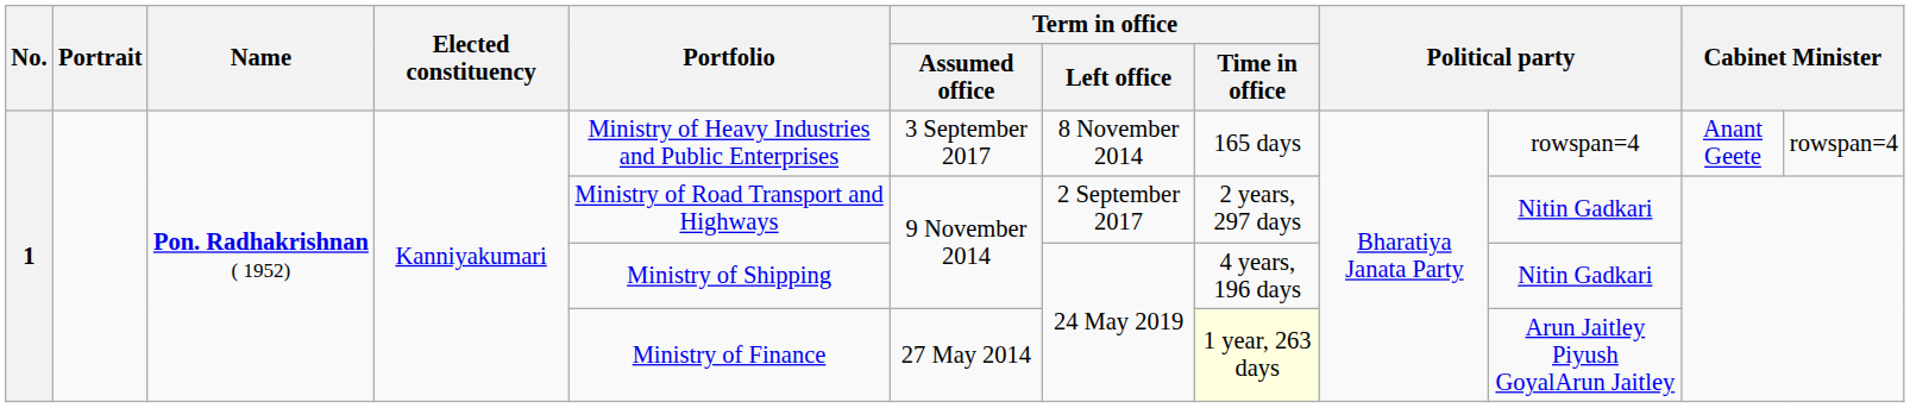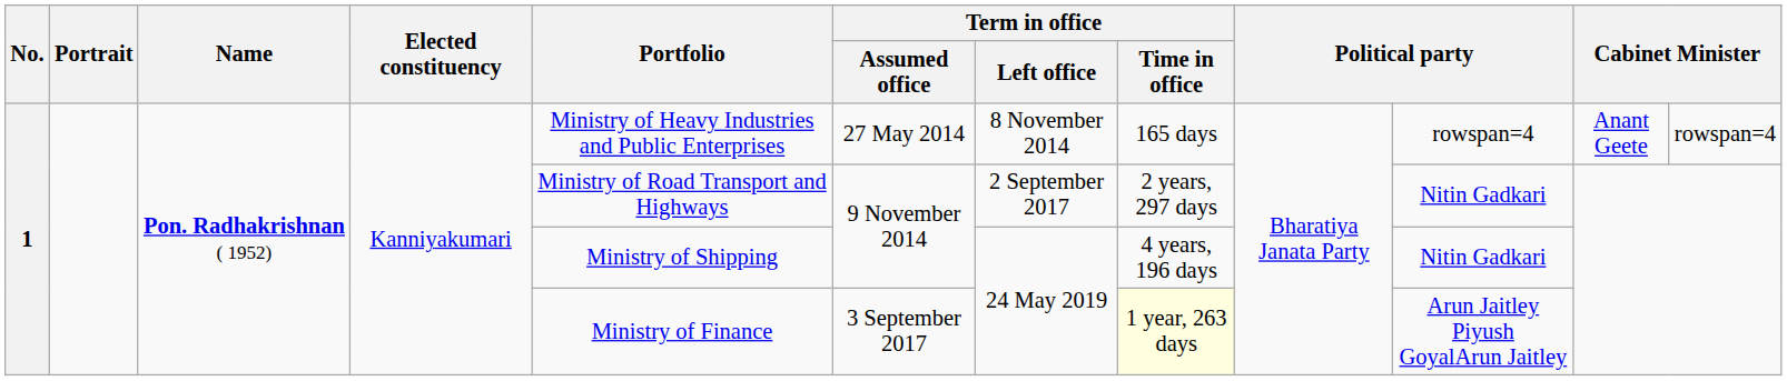 <table class="wikitable sortable" style="text-align:center;">
 <tr>
 <th rowspan=2>No.</th>
 <th rowspan=2>Portrait</th>
 <th rowspan=2>Name<br></th>
 <th rowspan=2>Elected constituency</th>
 <th rowspan=2>Portfolio</th>
 <th colspan=3>Term in office</th>
 <th rowspan=2 colspan=2>Political party</th>
 <th rowspan=2 colspan=2>Cabinet Minister</th>
 </tr>
 <tr>
 <th>Assumed office</th>
 <th>Left office</th>
 <th>Time in office</th>
 </tr>
 <tr>
 <th rowspan=4>1</th>
 <td rowspan=4></td>
 <td rowspan=4><strong><a href='#'>Pon.&nbsp;Radhakrishnan</a></strong><br><small>( 1952)</small></td>
 <td rowspan=4><a href='#'>Kanniyakumari</a></td>
 <td><a href='#'>Ministry of Heavy Industries and Public Enterprises</a></td>
-<td>3 September 2017</td>
+<td>27 May 2014</td>
 <td>8 November 2014</td>
 <td>165 days</td>
 <td rowspan=4><a href='#'>Bharatiya Janata Party</a></td>
 <td>rowspan=4 </td>
 <td><a href='#'>Anant Geete</a></td>
 <td>rowspan=4 </td>
 </tr>
 <tr>
 <td><a href='#'>Ministry of Road Transport and Highways</a></td>
 <td rowspan=2>9 November 2014</td>
 <td>2 September 2017</td>
 <td>2 years, 297 days</td>
 <td><a href='#'>Nitin Gadkari</a></td>
 </tr>
 <tr>
 <td><a href='#'>Ministry of Shipping</a></td>
 <td rowspan=2>24 May 2019</td>
 <td>4 years, 196 days</td>
 <td><a href='#'>Nitin Gadkari</a></td>
 </tr>
 <tr>
 <td><a href='#'>Ministry of Finance</a></td>
-<td>27 May 2014</td>
+<td>3 September 2017</td>
 <td style="background: lightyellow;">1 year, 263 days</td>
 <td><a href='#'>Arun Jaitley</a><br><a href='#'>Piyush Goyal</a><a href='#'>Arun Jaitley</a></td>
 </tr>
 </table>
